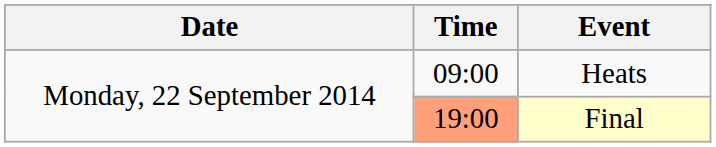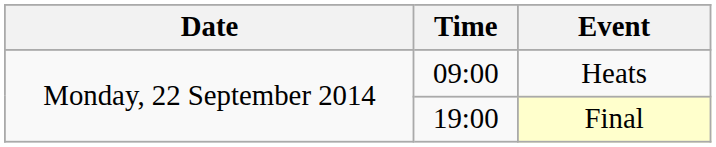 <table class = "wikitable" style="text-align:center;">
 <tr>
 <th width=220>Date</th>
 <th width=50>Time</th>
 <th width=100>Event</th>
 </tr>
 <tr>
 <td rowspan=2>Monday, 22 September 2014</td>
 <td>09:00</td>
 <td>Heats</td>
 </tr>
 <tr>
-<td style="background: lightsalmon;">19:00</td>
+<td>19:00</td>
 <td bgcolor=ffffcc>Final</td>
 </tr>
 </table>
